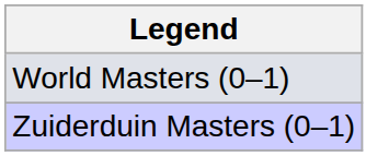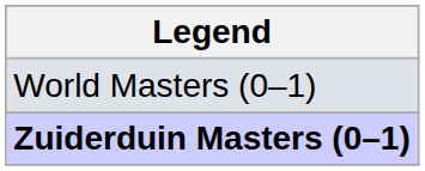 <table class="wikitable">
 <tr>
 <th>Legend</th>
 </tr>
 <tr style="background:#dfe2e9;">
 <td>World Masters (0–1)</td>
 </tr>
 <tr style="background:#ccf;">
-<td>Zuiderduin Masters (0–1)</td>
+<td><strong>Zuiderduin Masters (0–1)</strong></td>
 </tr>
 </table>
